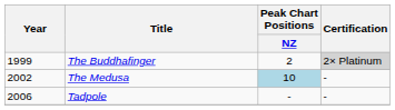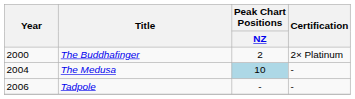 <table class="wikitable">
 <tr>
 <th scope="col" rowspan="2" style="width:5em;">Year</th>
 <th scope="col" rowspan="2" style="width:17em;">Title</th>
 <th>Peak Chart<br>Positions</th>
 <th rowspan="2">Certification</th>
 </tr>
 <tr>
 <th><a href='#'>NZ</a></th>
 </tr>
 <tr>
-<td>1999</td>
+<td>2000</td>
 <td><em><a href='#'>The Buddhafinger</a></em><br></td>
 <td align="center">2</td>
-<td style="background: lightgrey;">2× Platinum</td>
+<td>2× Platinum</td>
 </tr>
 <tr>
-<td>2002</td>
+<td>2004</td>
 <td><em><a href='#'>The Medusa</a></em><br></td>
 <td align="center" style="background: lightblue;">10</td>
 <td>-</td>
 </tr>
 <tr>
 <td>2006</td>
 <td><em><a href='#'>Tadpole</a></em><br></td>
 <td align="center">-</td>
 <td>-</td>
 </tr>
 <tr>
 </tr>
 </table>
